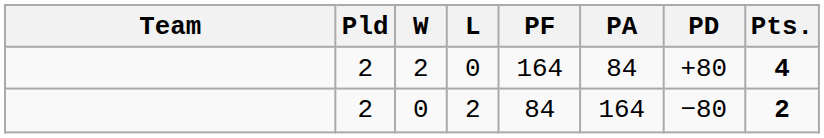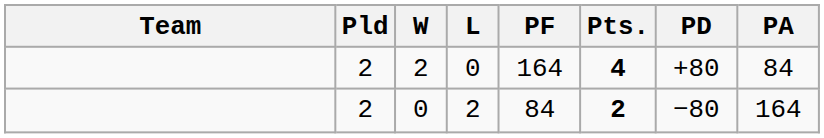 <table class=wikitable style="text-align:center">
 <tr>
 <th width=160>Team</th>
 <th width=20>Pld</th>
 <th width=20>W</th>
 <th width=20>L</th>
 <th width=35>PF</th>
+<th width=30>Pts.</th>
+<th width=35>PD</th>
 <th width=35>PA</th>
-<th width=35>PD</th>
-<th width=30>Pts.</th>
 </tr>
 <tr>
 <td align=left></td>
 <td>2</td>
 <td>2</td>
 <td>0</td>
 <td>164</td>
+<td><strong>4</strong></td>
+<td>+80</td>
 <td>84</td>
-<td>+80</td>
-<td><strong>4</strong></td>
 </tr>
 <tr>
 <td align=left></td>
 <td>2</td>
 <td>0</td>
 <td>2</td>
 <td>84</td>
+<td><strong>2</strong></td>
+<td>−80</td>
 <td>164</td>
-<td>−80</td>
-<td><strong>2</strong></td>
 </tr>
 </table>
